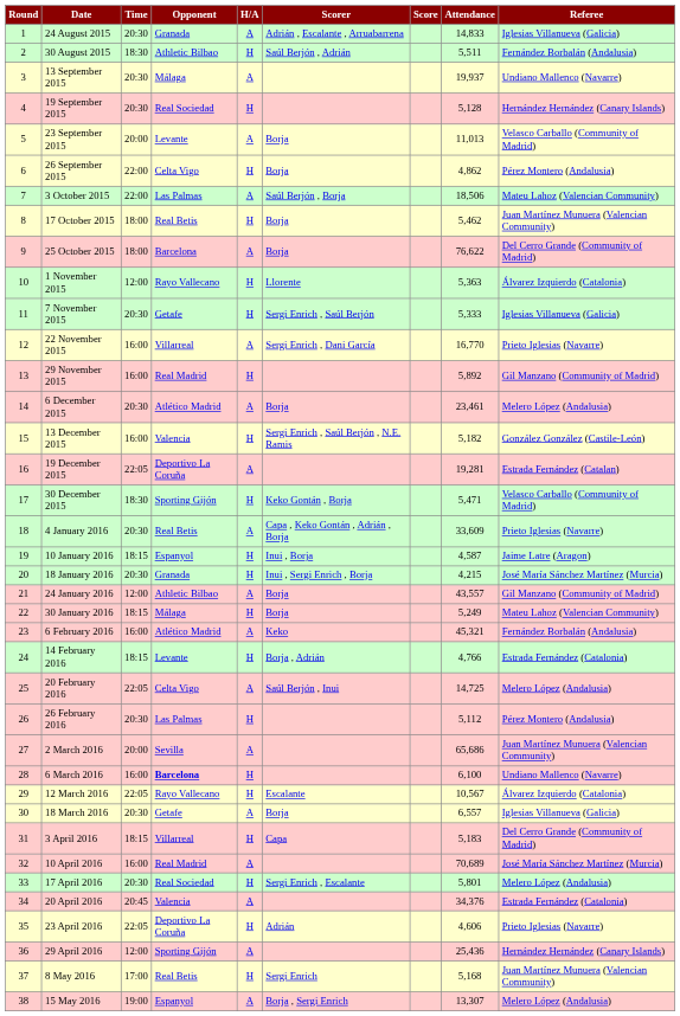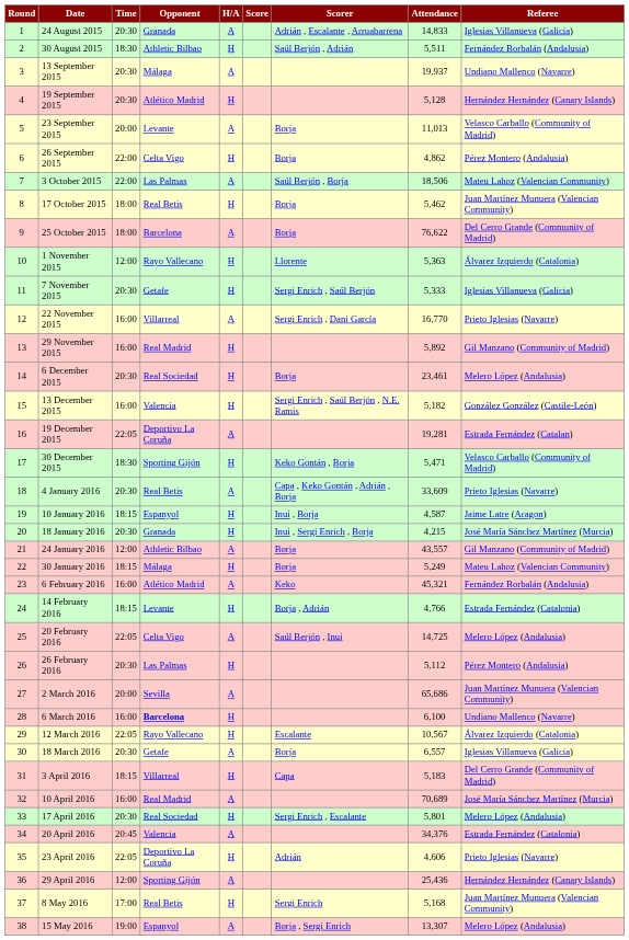 <table cellpadding="4" cellspacing="0" border="1" style="text-align: center; font-size: 85%; border: gray solid 1px; border-collapse: collapse;">
 <tr style="background:#8B0000; color:white;">
 <th>Round</th>
 <th>Date</th>
 <th>Time</th>
 <th>Opponent</th>
 <th>H/A</th>
+<th>Score</th>
 <th>Scorer</th>
-<th>Score</th>
 <th>Attendance</th>
 <th>Referee</th>
 </tr>
 <tr bgcolor="#CCFFCC">
 <td>1</td>
 <td align="left">24 August 2015</td>
 <td>20:30</td>
 <td align="left"><a href='#'>Granada</a></td>
 <td><a href='#'>A</a></td>
+<td></td>
 <td align="left"><a href='#'>Adrián</a>  , <a href='#'>Escalante</a> , <a href='#'>Arruabarrena</a> </td>
-<td></td>
 <td>14,833</td>
 <td align="left"><a href='#'>Iglesias Villanueva</a> (<a href='#'>Galicia</a>)</td>
 </tr>
 <tr bgcolor="#CCFFCC">
 <td>2</td>
 <td align="left">30 August 2015</td>
 <td>18:30</td>
 <td align="left"><a href='#'>Athletic Bilbao</a></td>
 <td><a href='#'>H</a></td>
+<td></td>
 <td align="left"><a href='#'>Saúl Berjón</a> , <a href='#'>Adrián</a> </td>
-<td></td>
 <td>5,511</td>
 <td align="left"><a href='#'>Fernández Borbalán</a> (<a href='#'>Andalusia</a>)</td>
 </tr>
 <tr bgcolor="#FFFFCC">
 <td>3</td>
 <td align="left">13 September 2015</td>
 <td>20:30</td>
 <td align="left"><a href='#'>Málaga</a></td>
 <td><a href='#'>A</a></td>
+<td></td>
 <td align="left"></td>
-<td></td>
 <td>19,937</td>
 <td align="left"><a href='#'>Undiano Mallenco</a> (<a href='#'>Navarre</a>)</td>
 </tr>
 <tr bgcolor="#FFCCCC">
 <td>4</td>
 <td align="left">19 September 2015</td>
 <td>20:30</td>
-<td align="left"><a href='#'>Real Sociedad</a></td>
+<td align="left"><a href='#'>Atlético Madrid</a></td>
 <td><a href='#'>H</a></td>
+<td></td>
 <td align="left"></td>
-<td></td>
 <td>5,128</td>
 <td align="left"><a href='#'>Hernández Hernández</a> (<a href='#'>Canary Islands</a>)</td>
 </tr>
 <tr bgcolor="#FFFFCC">
 <td>5</td>
 <td align="left">23 September 2015</td>
 <td>20:00</td>
 <td align="left"><a href='#'>Levante</a></td>
 <td><a href='#'>A</a></td>
+<td></td>
 <td align="left"><a href='#'>Borja</a> </td>
-<td></td>
 <td>11,013</td>
 <td align="left"><a href='#'>Velasco Carballo</a> (<a href='#'>Community of Madrid</a>)</td>
 </tr>
 <tr bgcolor="#FFFFCC">
 <td>6</td>
 <td align="left">26 September 2015</td>
 <td>22:00</td>
 <td align="left"><a href='#'>Celta Vigo</a></td>
 <td><a href='#'>H</a></td>
+<td></td>
 <td align="left"><a href='#'>Borja</a> </td>
-<td></td>
 <td>4,862</td>
 <td align="left"><a href='#'>Pérez Montero</a> (<a href='#'>Andalusia</a>)</td>
 </tr>
 <tr bgcolor="#CCFFCC">
 <td>7</td>
 <td align="left">3 October 2015</td>
 <td>22:00</td>
 <td align="left"><a href='#'>Las Palmas</a></td>
 <td><a href='#'>A</a></td>
+<td></td>
 <td align="left"><a href='#'>Saúl Berjón</a> , <a href='#'>Borja</a> </td>
-<td></td>
 <td>18,506</td>
 <td align="left"><a href='#'>Mateu Lahoz</a> (<a href='#'>Valencian Community</a>)</td>
 </tr>
 <tr bgcolor="#FFFFCC">
 <td>8</td>
 <td align="left">17 October 2015</td>
 <td>18:00</td>
 <td align="left"><a href='#'>Real Betis</a></td>
 <td><a href='#'>H</a></td>
+<td></td>
 <td align="left"><a href='#'>Borja</a> </td>
-<td></td>
 <td>5,462</td>
 <td align="left"><a href='#'>Juan Martínez Munuera</a> (<a href='#'>Valencian Community</a>)</td>
 </tr>
 <tr bgcolor="#FFCCCC">
 <td>9</td>
 <td align="left">25 October 2015</td>
 <td>18:00</td>
 <td align="left"><a href='#'>Barcelona</a></td>
 <td><a href='#'>A</a></td>
+<td></td>
 <td align="left"><a href='#'>Borja</a> </td>
-<td></td>
 <td>76,622</td>
 <td align="left"><a href='#'>Del Cerro Grande</a> (<a href='#'>Community of Madrid</a>)</td>
 </tr>
 <tr bgcolor="#CCFFCC">
 <td>10</td>
 <td align="left">1 November 2015</td>
 <td>12:00</td>
 <td align="left"><a href='#'>Rayo Vallecano</a></td>
 <td><a href='#'>H</a></td>
+<td></td>
 <td align="left"><a href='#'>Llorente</a> </td>
-<td></td>
 <td>5,363</td>
 <td align="left"><a href='#'>Álvarez Izquierdo</a>  (<a href='#'>Catalonia</a>)</td>
 </tr>
 <tr bgcolor="#CCFFCC">
 <td>11</td>
 <td align="left">7 November 2015</td>
 <td>20:30</td>
 <td align="left"><a href='#'>Getafe</a></td>
 <td><a href='#'>H</a></td>
+<td></td>
 <td align="left"><a href='#'>Sergi Enrich</a> , <a href='#'>Saúl Berjón</a> </td>
-<td></td>
 <td>5,333</td>
 <td align="left"><a href='#'>Iglesias Villanueva</a> (<a href='#'>Galicia</a>)</td>
 </tr>
 <tr bgcolor="#FFFFCC">
 <td>12</td>
 <td align="left">22 November 2015</td>
 <td>16:00</td>
 <td align="left"><a href='#'>Villarreal</a></td>
 <td><a href='#'>A</a></td>
+<td></td>
 <td align="left"><a href='#'>Sergi Enrich</a> , <a href='#'>Dani García</a> </td>
-<td></td>
 <td>16,770</td>
 <td align="left"><a href='#'>Prieto Iglesias</a> (<a href='#'>Navarre</a>)</td>
 </tr>
 <tr bgcolor="#FFCCCC">
 <td>13</td>
 <td align="left">29 November 2015</td>
 <td>16:00</td>
 <td align="left"><a href='#'>Real Madrid</a></td>
 <td><a href='#'>H</a></td>
+<td></td>
 <td align="left"></td>
-<td></td>
 <td>5,892</td>
 <td align="left"><a href='#'>Gil Manzano</a> (<a href='#'>Community of Madrid</a>)</td>
 </tr>
 <tr bgcolor="#FFCCCC">
 <td>14</td>
 <td align="left">6 December 2015</td>
 <td>20:30</td>
-<td align="left"><a href='#'>Atlético Madrid</a></td>
-<td><a href='#'>A</a></td>
+<td align="left"><a href='#'>Real Sociedad</a></td>
+<td><a href='#'>H</a></td>
+<td></td>
 <td align="left"><a href='#'>Borja</a> </td>
-<td></td>
 <td>23,461</td>
 <td align="left"><a href='#'>Melero López</a> (<a href='#'>Andalusia</a>)</td>
 </tr>
 <tr bgcolor="#FFFFCC">
 <td>15</td>
 <td align="left">13 December 2015</td>
 <td>16:00</td>
 <td align="left"><a href='#'>Valencia</a></td>
 <td><a href='#'>H</a></td>
+<td></td>
 <td align="left"><a href='#'>Sergi Enrich</a> , <a href='#'>Saúl Berjón</a> ,  <a href='#'>N.E. Ramis</a> </td>
-<td></td>
 <td>5,182</td>
 <td align="left"><a href='#'>González González</a> (<a href='#'>Castile-León</a>)</td>
 </tr>
 <tr bgcolor="#FFCCCC">
 <td>16</td>
 <td align="left">19 December 2015</td>
 <td>22:05</td>
 <td align="left"><a href='#'>Deportivo La Coruña</a></td>
 <td><a href='#'>A</a></td>
+<td></td>
 <td align="left"></td>
-<td></td>
 <td>19,281</td>
 <td align="left"><a href='#'>Estrada Fernández</a> (<a href='#'>Catalan</a>)</td>
 </tr>
 <tr bgcolor="#CCFFCC">
 <td>17</td>
 <td align="left">30 December 2015</td>
 <td>18:30</td>
 <td align="left"><a href='#'>Sporting Gijón</a></td>
 <td><a href='#'>H</a></td>
+<td></td>
 <td align="left"><a href='#'>Keko Gontán</a> , <a href='#'>Borja</a> </td>
-<td></td>
 <td>5,471</td>
 <td align="left"><a href='#'>Velasco Carballo</a> (<a href='#'>Community of Madrid</a>)</td>
 </tr>
 <tr bgcolor="#CCFFCC">
 <td>18</td>
 <td align="left">4 January 2016</td>
 <td>20:30</td>
 <td align="left"><a href='#'>Real Betis</a></td>
 <td><a href='#'>A</a></td>
+<td></td>
 <td align="left"><a href='#'>Capa</a> , <a href='#'>Keko Gontán</a> , <a href='#'>Adrián</a> , <a href='#'>Borja</a> </td>
-<td></td>
 <td>33,609</td>
 <td align="left"><a href='#'>Prieto Iglesias</a> (<a href='#'>Navarre</a>)</td>
 </tr>
 <tr bgcolor=#CCFFCC>
 <td>19</td>
 <td align="left">10 January 2016</td>
 <td>18:15</td>
 <td align="left"><a href='#'>Espanyol</a></td>
 <td><a href='#'>H</a></td>
+<td></td>
 <td align="left"><a href='#'>Inui</a> , <a href='#'>Borja</a> </td>
-<td></td>
 <td>4,587</td>
 <td align="left"><a href='#'>Jaime Latre</a> (<a href='#'>Aragon</a>)</td>
 </tr>
 <tr bgcolor=#CCFFCC>
 <td>20</td>
 <td align="left">18 January 2016</td>
 <td>20:30</td>
 <td align="left"><a href='#'>Granada</a></td>
 <td><a href='#'>H</a></td>
+<td></td>
 <td align="left"><a href='#'>Inui</a> , <a href='#'>Sergi Enrich</a> , <a href='#'>Borja</a> </td>
-<td></td>
 <td>4,215</td>
 <td align="left"><a href='#'>José María Sánchez Martínez</a> (<a href='#'>Murcia</a>)</td>
 </tr>
 <tr bgcolor="#FFCCCC">
 <td>21</td>
 <td align="left">24 January 2016</td>
 <td>12:00</td>
 <td align="left"><a href='#'>Athletic Bilbao</a></td>
 <td><a href='#'>A</a></td>
+<td></td>
 <td align="left"><a href='#'>Borja</a> </td>
-<td></td>
 <td>43,557</td>
 <td align="left"><a href='#'>Gil Manzano</a> (<a href='#'>Community of Madrid</a>)</td>
 </tr>
 <tr bgcolor="#FFCCCC">
 <td>22</td>
 <td align="left">30 January 2016</td>
 <td>18:15</td>
 <td align="left"><a href='#'>Málaga</a></td>
 <td><a href='#'>H</a></td>
+<td></td>
 <td align="left"><a href='#'>Borja</a> </td>
-<td></td>
 <td>5,249</td>
 <td align="left"><a href='#'>Mateu Lahoz</a> (<a href='#'>Valencian Community</a>)</td>
 </tr>
 <tr bgcolor="#FFCCCC">
 <td>23</td>
 <td align="left">6 February 2016</td>
 <td>16:00</td>
 <td align="left"><a href='#'>Atlético Madrid</a></td>
 <td><a href='#'>A</a></td>
+<td></td>
 <td align="left"><a href='#'>Keko</a> </td>
-<td></td>
 <td>45,321</td>
 <td align="left"><a href='#'>Fernández Borbalán</a> (<a href='#'>Andalusia</a>)</td>
 </tr>
 <tr bgcolor=#CCFFCC>
 <td>24</td>
 <td align="left">14 February 2016</td>
 <td>18:15</td>
 <td align="left"><a href='#'>Levante</a></td>
 <td><a href='#'>H</a></td>
+<td></td>
 <td align="left"><a href='#'>Borja</a> , <a href='#'>Adrián</a> </td>
-<td></td>
 <td>4,766</td>
 <td align="left"><a href='#'>Estrada Fernández</a> (<a href='#'>Catalonia</a>)</td>
 </tr>
 <tr bgcolor="#FFCCCC">
 <td>25</td>
 <td align="left">20 February 2016</td>
 <td>22:05</td>
 <td align="left"><a href='#'>Celta Vigo</a></td>
 <td><a href='#'>A</a></td>
+<td></td>
 <td align="left"><a href='#'>Saúl Berjón</a> , <a href='#'>Inui</a> </td>
-<td></td>
 <td>14,725</td>
 <td align="left"><a href='#'>Melero López</a> (<a href='#'>Andalusia</a>)</td>
 </tr>
 <tr bgcolor="#FFCCCC">
 <td>26</td>
 <td align="left">26 February 2016</td>
 <td>20:30</td>
 <td align="left"><a href='#'>Las Palmas</a></td>
 <td><a href='#'>H</a></td>
+<td></td>
 <td align="left"></td>
-<td></td>
 <td>5,112</td>
 <td align="left"><a href='#'>Pérez Montero</a> (<a href='#'>Andalusia</a>)</td>
 </tr>
 <tr bgcolor="#FFCCCC">
 <td>27</td>
 <td align="left">2 March 2016</td>
 <td>20:00</td>
 <td align="left"><a href='#'>Sevilla</a></td>
 <td><a href='#'>A</a></td>
+<td></td>
 <td align="left"></td>
-<td></td>
 <td>65,686</td>
 <td align="left"><a href='#'>Juan Martínez Munuera</a> (<a href='#'>Valencian Community</a>)</td>
 </tr>
 <tr bgcolor="#FFCCCC">
 <td>28</td>
 <td align="left">6 March 2016</td>
 <td>16:00</td>
 <td align="left"><strong><a href='#'>Barcelona</a></strong></td>
 <td><a href='#'>H</a></td>
+<td></td>
 <td align="left"></td>
-<td></td>
 <td>6,100</td>
 <td align="left"><a href='#'>Undiano Mallenco</a> (<a href='#'>Navarre</a>)</td>
 </tr>
 <tr bgcolor="#FFFFCC">
 <td>29</td>
 <td align="left">12 March 2016</td>
 <td>22:05</td>
 <td align="left"><a href='#'>Rayo Vallecano</a></td>
 <td><a href='#'>H</a></td>
+<td></td>
 <td align="left"><a href='#'>Escalante</a> </td>
-<td></td>
 <td>10,567</td>
 <td align="left"><a href='#'>Álvarez Izquierdo</a> (<a href='#'>Catalonia</a>)</td>
 </tr>
 <tr bgcolor="#FFFFCC">
 <td>30</td>
 <td align="left">18 March 2016</td>
 <td>20:30</td>
 <td align="left"><a href='#'>Getafe</a></td>
 <td><a href='#'>A</a></td>
+<td></td>
 <td align="left"><a href='#'>Borja</a> </td>
-<td></td>
 <td>6,557</td>
 <td align="left"><a href='#'>Iglesias Villanueva</a> (<a href='#'>Galicia</a>)</td>
 </tr>
 <tr bgcolor="#FFCCCC">
 <td>31</td>
 <td align="left">3 April 2016</td>
 <td>18:15</td>
 <td align="left"><a href='#'>Villarreal</a></td>
 <td><a href='#'>H</a></td>
+<td></td>
 <td align="left"><a href='#'>Capa</a> </td>
-<td></td>
 <td>5,183</td>
 <td align="left"><a href='#'>Del Cerro Grande</a> (<a href='#'>Community of Madrid</a>)</td>
 </tr>
 <tr bgcolor="#FFCCCC">
 <td>32</td>
 <td align="left">10 April 2016</td>
 <td>16:00</td>
 <td align="left"><a href='#'>Real Madrid</a></td>
 <td><a href='#'>A</a></td>
+<td></td>
 <td align="left"></td>
-<td></td>
 <td>70,689</td>
 <td align="left"><a href='#'>José María Sánchez Martínez</a> (<a href='#'>Murcia</a>)</td>
 </tr>
 <tr bgcolor=#CCFFCC>
 <td>33</td>
 <td align="left">17 April 2016</td>
 <td>20:30</td>
 <td align="left"><a href='#'>Real Sociedad</a></td>
 <td><a href='#'>H</a></td>
+<td></td>
 <td align="left"><a href='#'>Sergi Enrich</a> , <a href='#'>Escalante</a> </td>
-<td></td>
 <td>5,801</td>
 <td align="left"><a href='#'>Melero López</a> (<a href='#'>Andalusia</a>)</td>
 </tr>
 <tr bgcolor="#FFCCCC">
 <td>34</td>
 <td align="left">20 April 2016</td>
 <td>20:45</td>
 <td align="left"><a href='#'>Valencia</a></td>
 <td><a href='#'>A</a></td>
+<td></td>
 <td align="left"></td>
-<td></td>
 <td>34,376</td>
 <td align="left"><a href='#'>Estrada Fernández</a> (<a href='#'>Catalonia</a>)</td>
 </tr>
 <tr bgcolor="#FFFFCC">
 <td>35</td>
 <td align="left">23 April 2016</td>
 <td>22:05</td>
 <td align="left"><a href='#'>Deportivo La Coruña</a></td>
 <td><a href='#'>H</a></td>
+<td></td>
 <td align="left"><a href='#'>Adrián</a> </td>
-<td></td>
 <td>4,606</td>
 <td align="left"><a href='#'>Prieto Iglesias</a> (<a href='#'>Navarre</a>)</td>
 </tr>
 <tr bgcolor="#FFCCCC">
 <td>36</td>
 <td align="left">29 April 2016</td>
 <td>12:00</td>
 <td align="left"><a href='#'>Sporting Gijón</a></td>
 <td><a href='#'>A</a></td>
+<td></td>
 <td align="left"></td>
-<td></td>
 <td>25,436</td>
 <td align="left"><a href='#'>Hernández Hernández</a> (<a href='#'>Canary Islands</a>)</td>
 </tr>
 <tr bgcolor="#FFFFCC">
 <td>37</td>
 <td align="left">8 May 2016</td>
 <td>17:00</td>
 <td align="left"><a href='#'>Real Betis</a></td>
 <td><a href='#'>H</a></td>
+<td></td>
 <td align="left"><a href='#'>Sergi Enrich</a> </td>
-<td></td>
 <td>5,168</td>
 <td align="left"><a href='#'>Juan Martínez Munuera</a> (<a href='#'>Valencian Community</a>)</td>
 </tr>
 <tr bgcolor="#FFCCCC">
 <td>38</td>
 <td align="left">15 May 2016</td>
 <td>19:00</td>
 <td align="left"><a href='#'>Espanyol</a></td>
 <td><a href='#'>A</a></td>
+<td></td>
 <td align="left"><a href='#'>Borja</a> , <a href='#'>Sergi Enrich</a> </td>
-<td></td>
 <td>13,307</td>
 <td align="left"><a href='#'>Melero López</a> (<a href='#'>Andalusia</a>)</td>
 </tr>
 </table>
